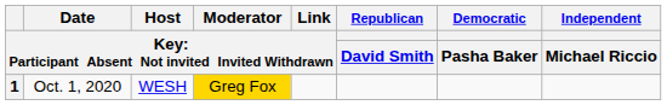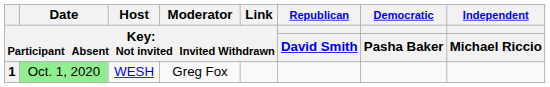 <table class="wikitable" style="text-align:center;">
 <tr>
 <th scope="col"></th>
 <th scope="col">Date</th>
 <th scope="col">Host</th>
 <th scope="col">Moderator</th>
 <th scope="col">Link</th>
 <th scope="col"><small><a href='#'>Republican</a></small></th>
 <th scope="col"><small><a href='#'>Democratic</a></small></th>
 <th scope="col"><small><a href='#'>Independent</a></small></th>
 </tr>
 <tr>
 <th colspan="5" rowspan="2">Key:<br> <small>Participant </small>  <small>Absent </small>  <small>Not invited </small>  <small>Invited  Withdrawn</small></th>
 <th scope="col" style="background:"></th>
 <th scope="col" style="background:"></th>
 <th scope="col" style="background:"></th>
 </tr>
 <tr>
 <th scope="col"><a href='#'>David Smith</a></th>
 <th scope="col">Pasha Baker</th>
 <th scope="col">Michael Riccio</th>
 </tr>
 <tr>
 <th>1</th>
-<td style="white-space:nowrap;">Oct. 1, 2020</td>
+<td style="background: lightgreen; white-space:nowrap;">Oct. 1, 2020</td>
 <td style="white-space:nowrap;"><a href='#'>WESH</a></td>
-<td style="background: gold; white-space:nowrap;">Greg Fox</td>
+<td style="white-space:nowrap;">Greg Fox</td>
 <td style="white-space:nowrap;"></td>
 <td></td>
 <td></td>
 <td></td>
 </tr>
 </table>
